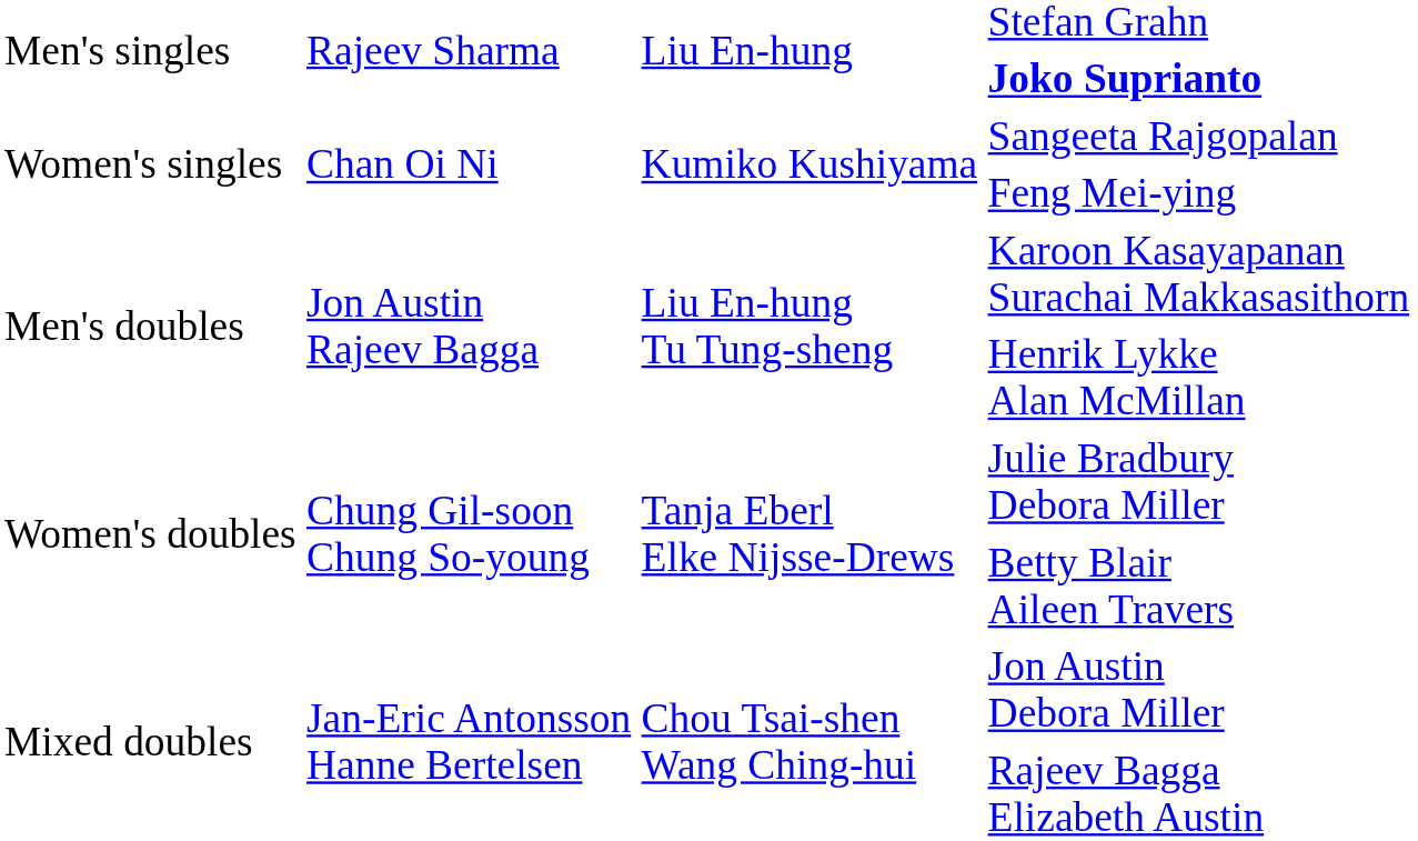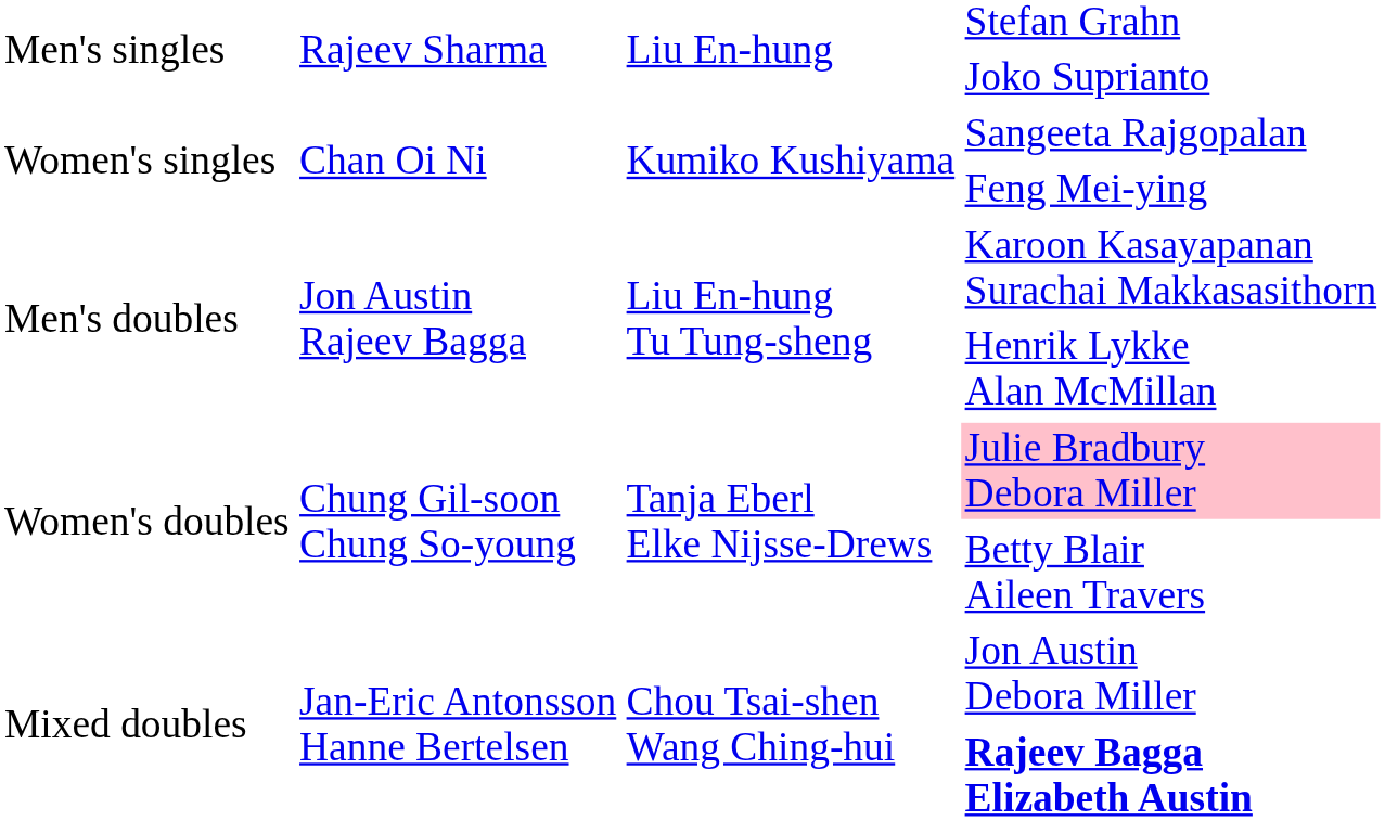 <table>
 <tr>
 <td rowspan="2">Men's singles</td>
 <td rowspan="2"> <a href='#'>Rajeev Sharma</a></td>
 <td rowspan="2"> <a href='#'>Liu En-hung</a></td>
 <td> <a href='#'>Stefan Grahn</a></td>
 </tr>
 <tr>
-<td><strong> <a href='#'>Joko Suprianto</a></strong></td>
+<td> <a href='#'>Joko Suprianto</a></td>
 </tr>
 <tr>
 <td rowspan="2">Women's singles</td>
 <td rowspan="2"> <a href='#'>Chan Oi Ni</a></td>
 <td rowspan="2"> <a href='#'>Kumiko Kushiyama</a></td>
 <td> <a href='#'>Sangeeta Rajgopalan</a></td>
 </tr>
 <tr>
 <td> <a href='#'>Feng Mei-ying</a></td>
 </tr>
 <tr>
 <td rowspan="2">Men's doubles</td>
 <td rowspan="2"> <a href='#'>Jon Austin</a><br> <a href='#'>Rajeev Bagga</a></td>
 <td rowspan="2"> <a href='#'>Liu En-hung</a><br> <a href='#'>Tu Tung-sheng</a></td>
 <td> <a href='#'>Karoon Kasayapanan</a><br> <a href='#'>Surachai Makkasasithorn</a></td>
 </tr>
 <tr>
 <td> <a href='#'>Henrik Lykke</a><br> <a href='#'>Alan McMillan</a></td>
 </tr>
 <tr>
 <td rowspan="2">Women's doubles</td>
 <td rowspan="2"> <a href='#'>Chung Gil-soon</a><br> <a href='#'>Chung So-young</a></td>
 <td rowspan="2"> <a href='#'>Tanja Eberl</a><br> <a href='#'>Elke Nijsse-Drews</a></td>
-<td> <a href='#'>Julie Bradbury</a><br> <a href='#'>Debora Miller</a></td>
+<td style="background: pink;"> <a href='#'>Julie Bradbury</a><br> <a href='#'>Debora Miller</a></td>
 </tr>
 <tr>
 <td> <a href='#'>Betty Blair</a><br> <a href='#'>Aileen Travers</a></td>
 </tr>
 <tr>
 <td rowspan="2">Mixed doubles</td>
 <td rowspan="2"> <a href='#'>Jan-Eric Antonsson</a><br> <a href='#'>Hanne Bertelsen</a></td>
 <td rowspan="2"> <a href='#'>Chou Tsai-shen</a><br> <a href='#'>Wang Ching-hui</a></td>
 <td> <a href='#'>Jon Austin</a><br> <a href='#'>Debora Miller</a></td>
 </tr>
 <tr>
-<td> <a href='#'>Rajeev Bagga</a><br> <a href='#'>Elizabeth Austin</a></td>
+<td><strong> <a href='#'>Rajeev Bagga</a><br> <a href='#'>Elizabeth Austin</a></strong></td>
 </tr>
 </table>
